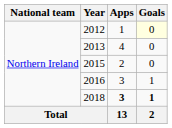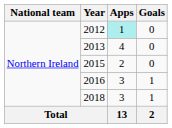 <table class=wikitable style="text-align: center;">
 <tr>
 <th>National team</th>
 <th>Year</th>
 <th>Apps</th>
 <th>Goals</th>
 </tr>
 <tr>
 <td rowspan=5><a href='#'>Northern Ireland</a></td>
 <td>2012</td>
-<td>1</td>
-<td style="background: lightyellow;">0</td>
+<td style="background: paleturquoise;">1</td>
+<td>0</td>
 </tr>
 <tr>
 <td>2013</td>
 <td>4</td>
 <td>0</td>
 </tr>
 <tr>
 <td>2015</td>
 <td>2</td>
 <td>0</td>
 </tr>
 <tr>
 <td>2016</td>
 <td>3</td>
 <td>1</td>
 </tr>
 <tr>
 <td>2018</td>
-<td><strong>3</strong></td>
-<td><strong>1</strong></td>
+<td>3</td>
+<td>1</td>
 </tr>
 <tr>
 <th colspan=2>Total</th>
 <th>13</th>
 <th>2</th>
 </tr>
 </table>
